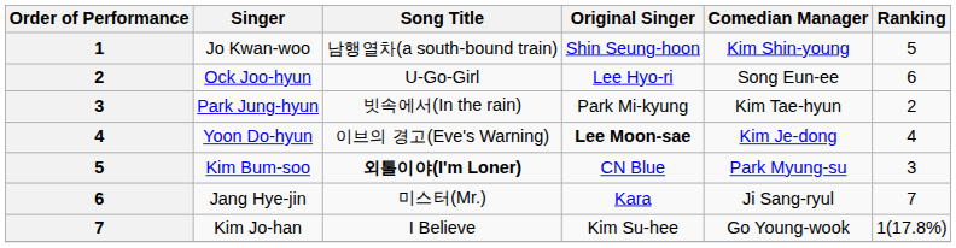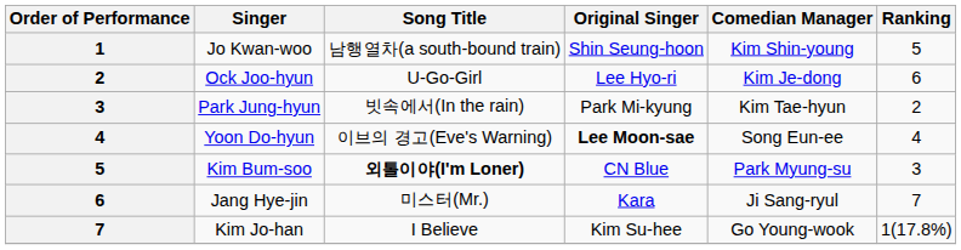 <table class="wikitable">
 <tr>
 <th>Order of Performance</th>
 <th>Singer</th>
 <th>Song Title</th>
 <th>Original Singer</th>
 <th>Comedian Manager</th>
 <th>Ranking</th>
 </tr>
 <tr align="center">
 <th>1</th>
 <td>Jo Kwan-woo</td>
 <td>남행열차(a south-bound train)</td>
 <td><a href='#'>Shin Seung-hoon</a></td>
 <td><a href='#'>Kim Shin-young</a></td>
 <td>5</td>
 </tr>
 <tr align="center">
 <th>2</th>
 <td><a href='#'>Ock Joo-hyun</a></td>
 <td>U-Go-Girl</td>
 <td><a href='#'>Lee Hyo-ri</a></td>
-<td>Song Eun-ee</td>
+<td><a href='#'>Kim Je-dong</a></td>
 <td>6</td>
 </tr>
 <tr align="center">
 <th>3</th>
 <td><a href='#'>Park Jung-hyun</a></td>
 <td>빗속에서(In the rain)</td>
 <td>Park Mi-kyung</td>
 <td>Kim Tae-hyun</td>
 <td>2</td>
 </tr>
 <tr align="center">
 <th>4</th>
 <td><a href='#'>Yoon Do-hyun</a></td>
 <td>이브의 경고(Eve's Warning)</td>
 <td><strong>Lee Moon-sae</strong></td>
-<td><a href='#'>Kim Je-dong</a></td>
+<td>Song Eun-ee</td>
 <td>4</td>
 </tr>
 <tr align="center">
 <th>5</th>
 <td><a href='#'>Kim Bum-soo</a></td>
 <td><strong>외톨이야(I'm Loner)</strong></td>
 <td><a href='#'>CN Blue</a></td>
 <td><a href='#'>Park Myung-su</a></td>
 <td>3</td>
 </tr>
 <tr align="center">
 <th>6</th>
 <td>Jang Hye-jin</td>
 <td>미스터(Mr.)</td>
 <td><a href='#'>Kara</a></td>
 <td>Ji Sang-ryul</td>
 <td>7</td>
 </tr>
 <tr align="center">
 <th>7</th>
 <td>Kim Jo-han</td>
 <td>I Believe</td>
 <td>Kim Su-hee</td>
 <td>Go Young-wook</td>
 <td>1(17.8%)</td>
 </tr>
 <tr>
 </tr>
 </table>
